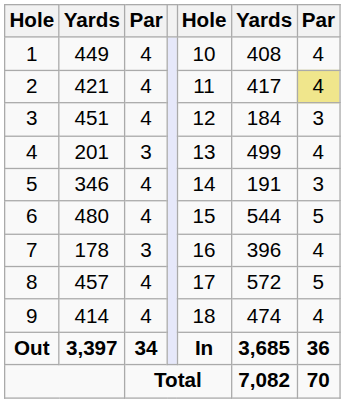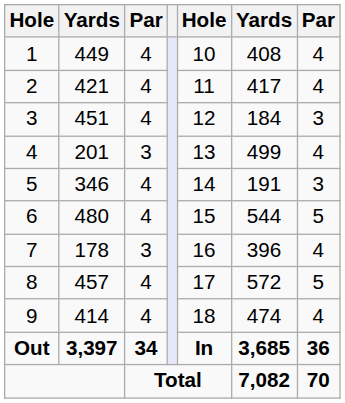 <table class="wikitable" style="text-align:center; font-size:100%;">
 <tr>
 <th>Hole</th>
 <th>Yards</th>
 <th>Par</th>
 <th></th>
 <th>Hole</th>
 <th>Yards</th>
 <th>Par</th>
 </tr>
 <tr>
 <td>1</td>
 <td>449</td>
 <td>4</td>
 <td rowspan="10" style="background:#E6E8FA;"></td>
 <td>10</td>
 <td>408</td>
 <td>4</td>
 </tr>
 <tr>
 <td>2</td>
 <td>421</td>
 <td>4</td>
 <td>11</td>
 <td>417</td>
-<td style="background: khaki;">4</td>
+<td>4</td>
 </tr>
 <tr>
 <td>3</td>
 <td>451</td>
 <td>4</td>
 <td>12</td>
 <td>184</td>
 <td>3</td>
 </tr>
 <tr>
 <td>4</td>
 <td>201</td>
 <td>3</td>
 <td>13</td>
 <td>499</td>
 <td>4</td>
 </tr>
 <tr>
 <td>5</td>
 <td>346</td>
 <td>4</td>
 <td>14</td>
 <td>191</td>
 <td>3</td>
 </tr>
 <tr>
 <td>6</td>
 <td>480</td>
 <td>4</td>
 <td>15</td>
 <td>544</td>
 <td>5</td>
 </tr>
 <tr>
 <td>7</td>
 <td>178</td>
 <td>3</td>
 <td>16</td>
 <td>396</td>
 <td>4</td>
 </tr>
 <tr>
 <td>8</td>
 <td>457</td>
 <td>4</td>
 <td>17</td>
 <td>572</td>
 <td>5</td>
 </tr>
 <tr>
 <td>9</td>
 <td>414</td>
 <td>4</td>
 <td>18</td>
 <td>474</td>
 <td>4</td>
 </tr>
 <tr>
 <td><strong>Out</strong></td>
 <td><strong>3,397</strong></td>
 <td><strong>34</strong></td>
 <td><strong>In</strong></td>
 <td><strong>3,685</strong></td>
 <td><strong>36</strong></td>
 </tr>
 <tr>
 <td colspan="2" align="left"></td>
 <td colspan="3"><strong>Total</strong></td>
 <td><strong>7,082</strong></td>
 <td><strong>70</strong></td>
 </tr>
 </table>
